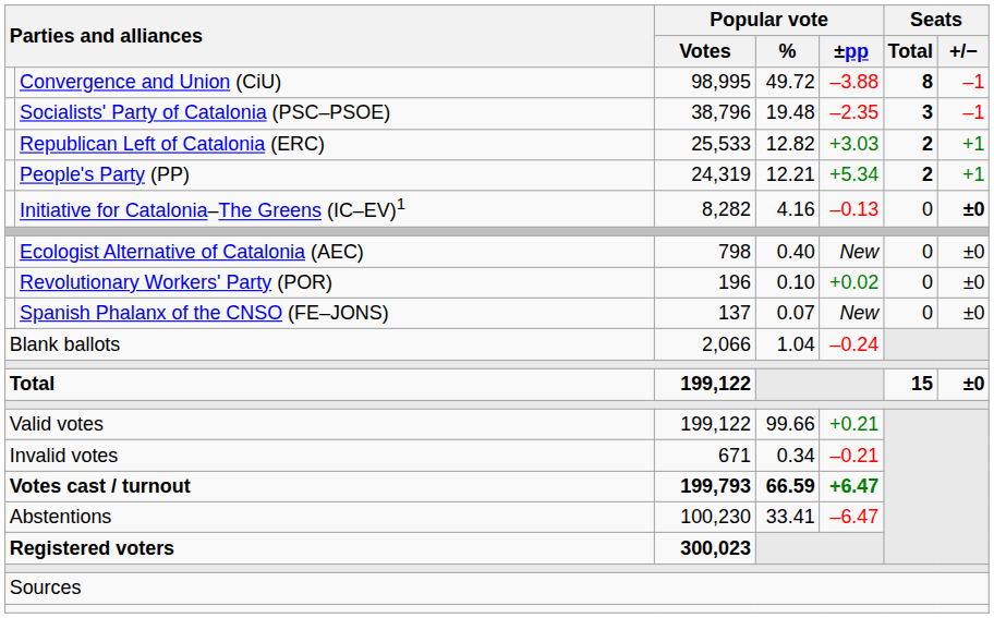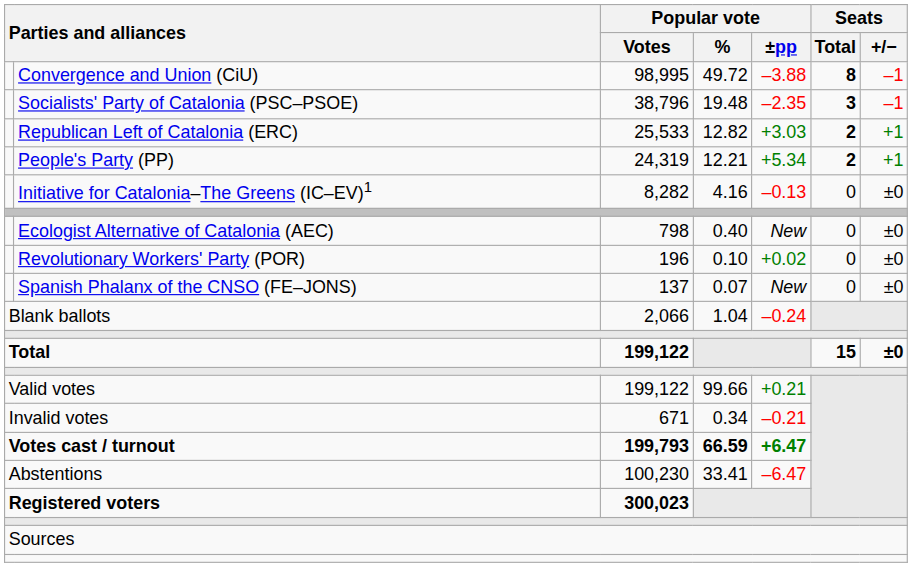 <table class="wikitable" style="text-align:right;">
 <tr>
 <th style="text-align:left;" rowspan="2" colspan="2" width="525">Parties and alliances</th>
 <th colspan="3">Popular vote</th>
 <th colspan="2">Seats</th>
 </tr>
 <tr>
 <th width="75">Votes</th>
 <th width="45">%</th>
 <th width="45">±<a href='#'>pp</a></th>
 <th width="35">Total</th>
 <th width="35">+/−</th>
 </tr>
 <tr>
 <td width="1" style="color:inherit;background:"></td>
 <td align="left"><a href='#'>Convergence and Union</a> (CiU)</td>
 <td>98,995</td>
 <td>49.72</td>
 <td style="color:red;">–3.88</td>
 <td><strong>8</strong></td>
 <td style="color:red;">–1</td>
 </tr>
 <tr>
 <td style="color:inherit;background:"></td>
 <td align="left"><a href='#'>Socialists' Party of Catalonia</a> (PSC–PSOE)</td>
 <td>38,796</td>
 <td>19.48</td>
 <td style="color:red;">–2.35</td>
 <td><strong>3</strong></td>
 <td style="color:red;">–1</td>
 </tr>
 <tr>
 <td style="color:inherit;background:"></td>
 <td align="left"><a href='#'>Republican Left of Catalonia</a> (ERC)</td>
 <td>25,533</td>
 <td>12.82</td>
 <td style="color:green;">+3.03</td>
 <td><strong>2</strong></td>
 <td style="color:green;">+1</td>
 </tr>
 <tr>
 <td style="color:inherit;background:"></td>
 <td align="left"><a href='#'>People's Party</a> (PP)</td>
 <td>24,319</td>
 <td>12.21</td>
 <td style="color:green;">+5.34</td>
 <td><strong>2</strong></td>
 <td style="color:green;">+1</td>
 </tr>
 <tr>
 <td style="color:inherit;background:"></td>
 <td align="left"><a href='#'>Initiative for Catalonia</a>–<a href='#'>The Greens</a> (IC–EV)<sup>1</sup></td>
 <td>8,282</td>
 <td>4.16</td>
 <td style="color:red;">–0.13</td>
 <td>0</td>
-<td><strong>±0</strong></td>
+<td>±0</td>
 </tr>
 <tr>
 <td colspan="7" bgcolor="#C0C0C0"></td>
 </tr>
 <tr>
 <td style="color:inherit;background:"></td>
 <td align="left"><a href='#'>Ecologist Alternative of Catalonia</a> (AEC)</td>
 <td>798</td>
 <td>0.40</td>
 <td><em>New</em></td>
 <td>0</td>
 <td>±0</td>
 </tr>
 <tr>
 <td style="color:inherit;background:"></td>
 <td align="left"><a href='#'>Revolutionary Workers' Party</a> (POR)</td>
 <td>196</td>
 <td>0.10</td>
 <td style="color:green;">+0.02</td>
 <td>0</td>
 <td>±0</td>
 </tr>
 <tr>
 <td style="color:inherit;background:"></td>
 <td align="left"><a href='#'>Spanish Phalanx of the CNSO</a> (FE–JONS)</td>
 <td>137</td>
 <td>0.07</td>
 <td><em>New</em></td>
 <td>0</td>
 <td>±0</td>
 </tr>
 <tr>
 <td align="left" colspan="2">Blank ballots</td>
 <td>2,066</td>
 <td>1.04</td>
 <td style="color:red;">–0.24</td>
 <td bgcolor="#E9E9E9" colspan="2"></td>
 </tr>
 <tr>
 <td colspan="7" bgcolor="#E9E9E9"></td>
 </tr>
 <tr style="font-weight:bold;">
 <td align="left" colspan="2">Total</td>
 <td>199,122</td>
 <td bgcolor="#E9E9E9" colspan="2"></td>
 <td>15</td>
 <td>±0</td>
 </tr>
 <tr>
 <td colspan="7" bgcolor="#E9E9E9"></td>
 </tr>
 <tr>
 <td align="left" colspan="2">Valid votes</td>
 <td>199,122</td>
 <td>99.66</td>
 <td style="color:green;">+0.21</td>
 <td bgcolor="#E9E9E9" colspan="2" rowspan="5"></td>
 </tr>
 <tr>
 <td align="left" colspan="2">Invalid votes</td>
 <td>671</td>
 <td>0.34</td>
 <td style="color:red;">–0.21</td>
 </tr>
 <tr style="font-weight:bold;">
 <td align="left" colspan="2">Votes cast / turnout</td>
 <td>199,793</td>
 <td>66.59</td>
 <td style="color:green;">+6.47</td>
 </tr>
 <tr>
 <td align="left" colspan="2">Abstentions</td>
 <td>100,230</td>
 <td>33.41</td>
 <td style="color:red;">–6.47</td>
 </tr>
 <tr style="font-weight:bold;">
 <td align="left" colspan="2">Registered voters</td>
 <td>300,023</td>
 <td bgcolor="#E9E9E9" colspan="2"></td>
 </tr>
 <tr>
 <td colspan="7" bgcolor="#E9E9E9"></td>
 </tr>
 <tr>
 <td align="left" colspan="7">Sources</td>
 </tr>
 <tr>
 <td colspan="7" style="text-align:left; max-width:790px;"></td>
 </tr>
 </table>
